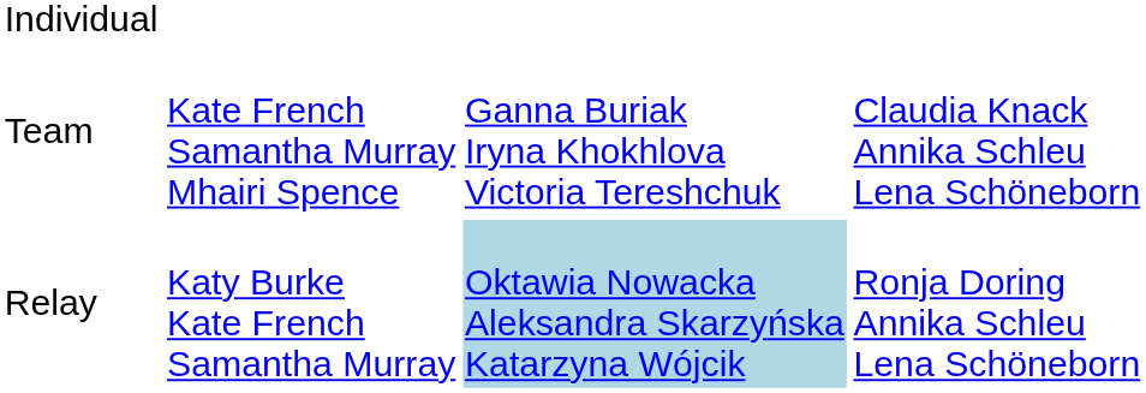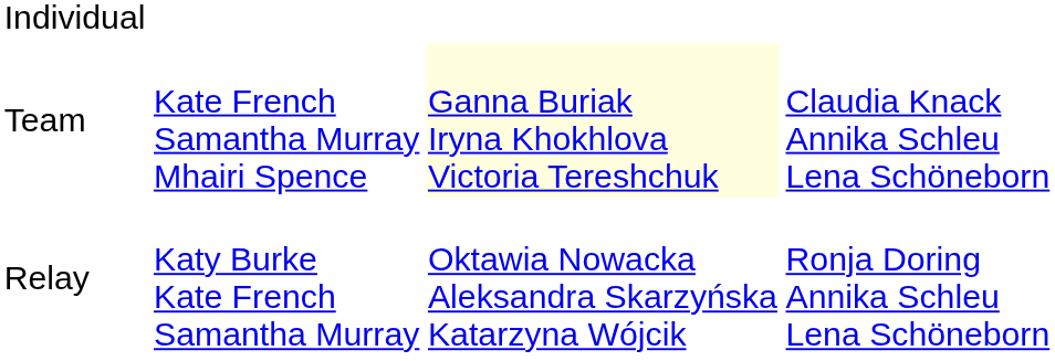 <table>
 <tr>
 <td>Individual</td>
 <td></td>
 <td></td>
 <td></td>
 </tr>
 <tr>
 <td>Team</td>
 <td><br><a href='#'>Kate French</a><br><a href='#'>Samantha Murray</a><br><a href='#'>Mhairi Spence</a></td>
-<td><br><a href='#'>Ganna Buriak</a><br><a href='#'>Iryna Khokhlova</a><br><a href='#'>Victoria Tereshchuk</a></td>
+<td style="background: lightyellow;"><br><a href='#'>Ganna Buriak</a><br><a href='#'>Iryna Khokhlova</a><br><a href='#'>Victoria Tereshchuk</a></td>
 <td><br><a href='#'>Claudia Knack</a><br><a href='#'>Annika Schleu</a><br><a href='#'>Lena Schöneborn</a></td>
 </tr>
 <tr>
 <td>Relay</td>
 <td><br><a href='#'>Katy Burke</a><br><a href='#'>Kate French</a><br><a href='#'>Samantha Murray</a></td>
-<td style="background: lightblue;"><br><a href='#'>Oktawia Nowacka</a><br><a href='#'>Aleksandra Skarzyńska</a><br><a href='#'>Katarzyna Wójcik</a></td>
+<td><br><a href='#'>Oktawia Nowacka</a><br><a href='#'>Aleksandra Skarzyńska</a><br><a href='#'>Katarzyna Wójcik</a></td>
 <td><br><a href='#'>Ronja Doring</a><br><a href='#'>Annika Schleu</a><br><a href='#'>Lena Schöneborn</a></td>
 </tr>
 </table>
